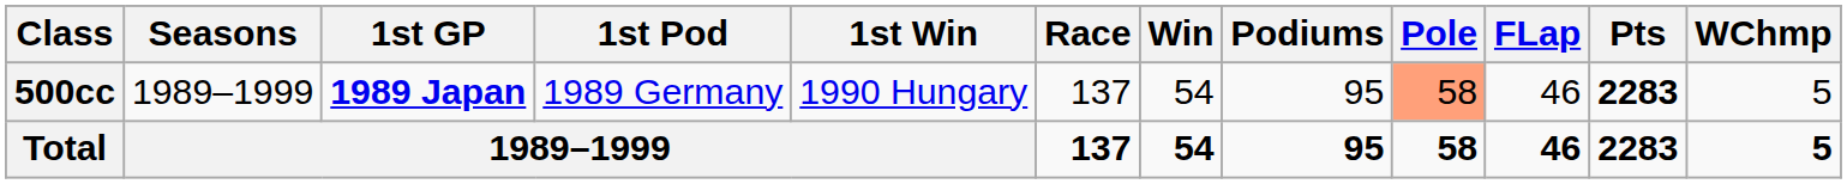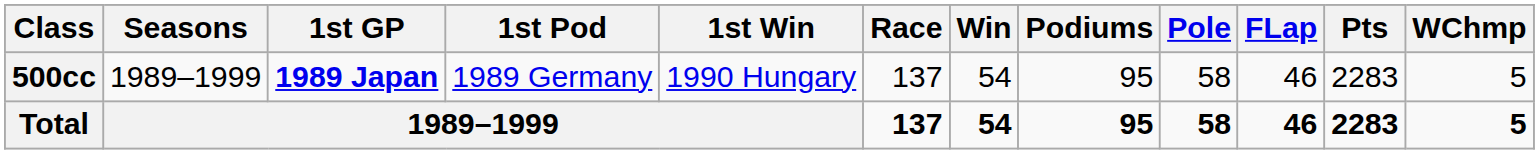 <table class="wikitable" style="text-align:right">
 <tr>
 <th>Class</th>
 <th>Seasons</th>
 <th>1st GP</th>
 <th>1st Pod</th>
 <th>1st Win</th>
 <th>Race</th>
 <th>Win</th>
 <th>Podiums</th>
 <th><a href='#'>Pole</a></th>
 <th><a href='#'>FLap</a></th>
 <th>Pts</th>
 <th>WChmp</th>
 </tr>
 <tr>
 <th>500cc</th>
 <td>1989–1999</td>
 <td style="text-align:left;"><strong><a href='#'>1989 Japan</a></strong></td>
 <td style="text-align:left;"><a href='#'>1989 Germany</a></td>
 <td style="text-align:left;"><a href='#'>1990 Hungary</a></td>
 <td>137</td>
 <td>54</td>
 <td>95</td>
-<td style="background: lightsalmon;">58</td>
+<td>58</td>
 <td>46</td>
-<td><strong>2283</strong></td>
+<td>2283</td>
 <td>5</td>
 </tr>
 <tr>
 <th>Total</th>
 <th colspan=4>1989–1999</th>
 <td><strong>137</strong></td>
 <td><strong>54</strong></td>
 <td><strong>95</strong></td>
 <td><strong>58</strong></td>
 <td><strong>46</strong></td>
 <td><strong>2283</strong></td>
 <td><strong>5</strong></td>
 </tr>
 </table>
